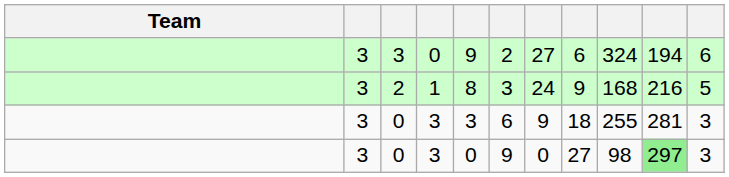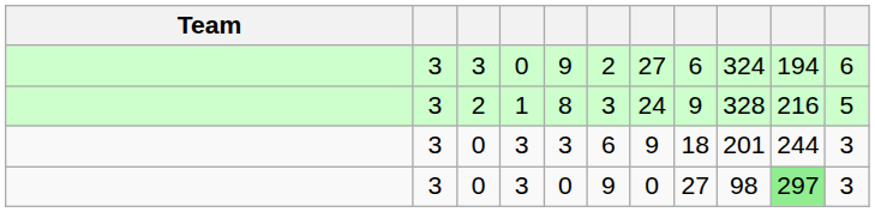 <table class=wikitable style="text-align:center">
 <tr>
 <th width=250>Team</th>
 <th width=20></th>
 <th width=20></th>
 <th width=20></th>
 <th width=20></th>
 <th width=20></th>
 <th width=20></th>
 <th width=20></th>
 <th width=20></th>
 <th width=20></th>
 <th width=20></th>
 </tr>
 <tr style="background-color:#ccffcc;">
 <td style="text-align:left;"></td>
 <td>3</td>
 <td>3</td>
 <td>0</td>
 <td>9</td>
 <td>2</td>
 <td>27</td>
 <td>6</td>
 <td>324</td>
 <td>194</td>
 <td>6</td>
 </tr>
 <tr style="background-color:#ccffcc;">
 <td style="text-align:left;"></td>
 <td>3</td>
 <td>2</td>
 <td>1</td>
 <td>8</td>
 <td>3</td>
 <td>24</td>
 <td>9</td>
-<td>168</td>
+<td>328</td>
 <td>216</td>
 <td>5</td>
 </tr>
 <tr>
 <td style="text-align:left;"></td>
 <td>3</td>
 <td>0</td>
 <td>3</td>
 <td>3</td>
 <td>6</td>
 <td>9</td>
 <td>18</td>
-<td>255</td>
-<td>281</td>
+<td>201</td>
+<td>244</td>
 <td>3</td>
 </tr>
 <tr>
 <td style="text-align:left;"></td>
 <td>3</td>
 <td>0</td>
 <td>3</td>
 <td>0</td>
 <td>9</td>
 <td>0</td>
 <td>27</td>
 <td>98</td>
 <td style="background: lightgreen;">297</td>
 <td>3</td>
 </tr>
 </table>
